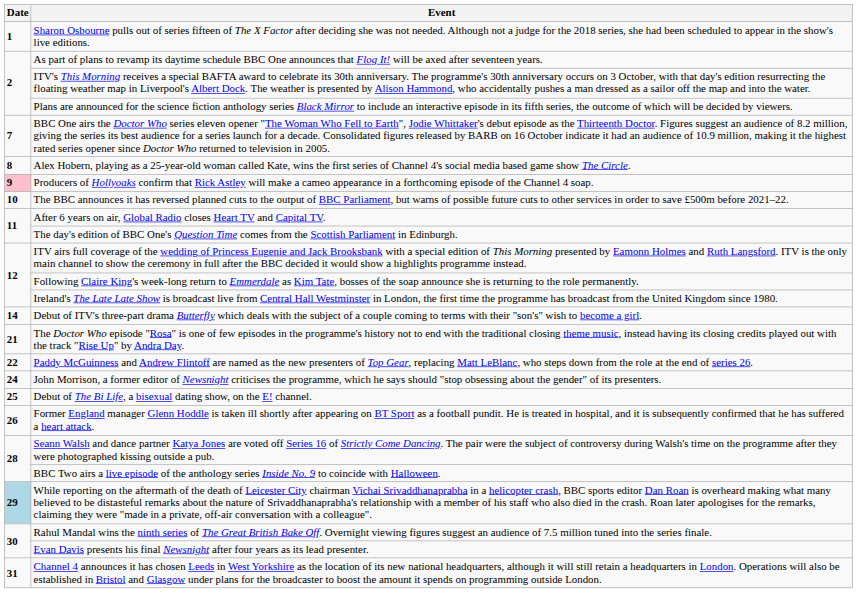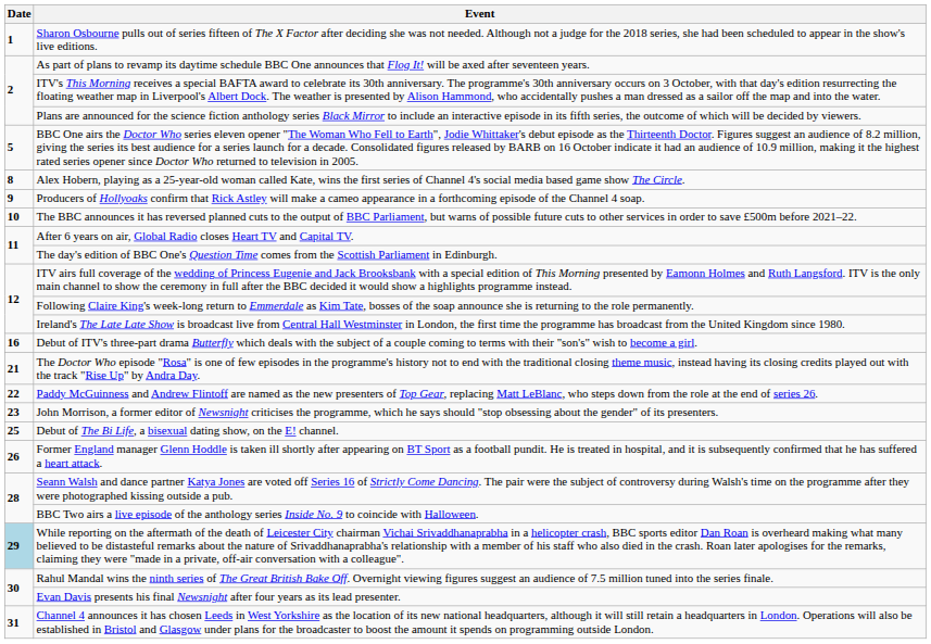 <table class="wikitable">
 <tr>
 <th>Date</th>
 <th>Event</th>
 </tr>
 <tr>
 <td><strong>1</strong></td>
 <td><a href='#'>Sharon Osbourne</a> pulls out of series fifteen of <em>The X Factor</em> after deciding she was not needed. Although not a judge for the 2018 series, she had been scheduled to appear in the show's live editions.</td>
 </tr>
 <tr>
 <td rowspan=3><strong>2</strong></td>
 <td>As part of plans to revamp its daytime schedule BBC One announces that <em><a href='#'>Flog It!</a></em> will be axed after seventeen years.</td>
 </tr>
 <tr>
 <td>ITV's <em><a href='#'>This Morning</a></em> receives a special BAFTA award to celebrate its 30th anniversary. The programme's 30th anniversary occurs on 3 October, with that day's edition resurrecting the floating weather map in Liverpool's <a href='#'>Albert Dock</a>. The weather is presented by <a href='#'>Alison Hammond</a>, who accidentally pushes a man dressed as a sailor off the map and into the water.</td>
 </tr>
 <tr>
 <td>Plans are announced for the science fiction anthology series <em><a href='#'>Black Mirror</a></em> to include an interactive episode in its fifth series, the outcome of which will be decided by viewers.</td>
 </tr>
 <tr>
-<td><strong>7</strong></td>
+<td><strong>5</strong></td>
 <td>BBC One airs the <em><a href='#'>Doctor Who</a></em> series eleven opener "<a href='#'>The Woman Who Fell to Earth</a>", <a href='#'>Jodie Whittaker</a>'s debut episode as the <a href='#'>Thirteenth Doctor</a>. Figures suggest an audience of 8.2 million, giving the series its best audience for a series launch for a decade. Consolidated figures released by BARB on 16 October indicate it had an audience of 10.9 million, making it the highest rated series opener since <em>Doctor Who</em> returned to television in 2005.</td>
 </tr>
 <tr>
 <td><strong>8</strong></td>
 <td>Alex Hobern, playing as a 25-year-old woman called Kate, wins the first series of Channel 4's social media based game show <em><a href='#'>The Circle</a></em>.</td>
 </tr>
 <tr>
-<td style="background: pink;"><strong>9</strong></td>
+<td><strong>9</strong></td>
 <td>Producers of <em><a href='#'>Hollyoaks</a></em> confirm that <a href='#'>Rick Astley</a> will make a cameo appearance in a forthcoming episode of the Channel 4 soap.</td>
 </tr>
 <tr>
 <td><strong>10</strong></td>
 <td>The BBC announces it has reversed planned cuts to the output of <a href='#'>BBC Parliament</a>, but warns of possible future cuts to other services in order to save £500m before 2021–22.</td>
 </tr>
 <tr>
 <td rowspan=2><strong>11</strong></td>
 <td>After 6 years on air, <a href='#'>Global Radio</a> closes <a href='#'>Heart TV</a> and <a href='#'>Capital TV</a>.</td>
 </tr>
 <tr>
 <td>The day's edition of BBC One's <em><a href='#'>Question Time</a></em> comes from the <a href='#'>Scottish Parliament</a> in Edinburgh.</td>
 </tr>
 <tr>
 <td rowspan=3><strong>12</strong></td>
 <td>ITV airs full coverage of the <a href='#'>wedding of Princess Eugenie and Jack Brooksbank</a> with a special edition of <em>This Morning</em> presented by <a href='#'>Eamonn Holmes</a> and <a href='#'>Ruth Langsford</a>. ITV is the only main channel to show the ceremony in full after the BBC decided it would show a highlights programme instead.</td>
 </tr>
 <tr>
 <td>Following <a href='#'>Claire King</a>'s week-long return to <em><a href='#'>Emmerdale</a></em> as <a href='#'>Kim Tate</a>, bosses of the soap announce she is returning to the role permanently.</td>
 </tr>
 <tr>
 <td>Ireland's <em><a href='#'>The Late Late Show</a></em> is broadcast live from <a href='#'>Central Hall Westminster</a> in London, the first time the programme has broadcast from the United Kingdom since 1980.</td>
 </tr>
 <tr>
-<td><strong>14</strong></td>
+<td><strong>16</strong></td>
 <td>Debut of ITV's three-part drama <em><a href='#'>Butterfly</a></em> which deals with the subject of a couple coming to terms with their "son's" wish to <a href='#'>become a girl</a>.</td>
 </tr>
 <tr>
 <td><strong>21</strong></td>
 <td>The <em>Doctor Who</em> episode "<a href='#'>Rosa</a>" is one of few episodes in the programme's history not to end with the traditional closing <a href='#'>theme music</a>, instead having its closing credits played out with the track "<a href='#'>Rise Up</a>" by <a href='#'>Andra Day</a>.</td>
 </tr>
 <tr>
 <td><strong>22</strong></td>
 <td><a href='#'>Paddy McGuinness</a> and <a href='#'>Andrew Flintoff</a> are named as the new presenters of <em><a href='#'>Top Gear</a></em>, replacing <a href='#'>Matt LeBlanc</a>, who steps down from the role at the end of <a href='#'>series 26</a>.</td>
 </tr>
 <tr>
-<td><strong>24</strong></td>
+<td><strong>23</strong></td>
 <td>John Morrison, a former editor of <em><a href='#'>Newsnight</a></em> criticises the programme, which he says should "stop obsessing about the gender" of its presenters.</td>
 </tr>
 <tr>
 <td><strong>25</strong></td>
 <td>Debut of <em><a href='#'>The Bi Life</a></em>, a <a href='#'>bisexual</a> dating show, on the <a href='#'>E!</a> channel.</td>
 </tr>
 <tr>
 <td><strong>26</strong></td>
 <td>Former <a href='#'>England</a> manager <a href='#'>Glenn Hoddle</a> is taken ill shortly after appearing on <a href='#'>BT Sport</a> as a football pundit. He is treated in hospital, and it is subsequently confirmed that he has suffered a <a href='#'>heart attack</a>.</td>
 </tr>
 <tr>
 <td rowspan=2><strong>28</strong></td>
 <td><a href='#'>Seann Walsh</a> and dance partner <a href='#'>Katya Jones</a> are voted off <a href='#'>Series 16</a> of <em><a href='#'>Strictly Come Dancing</a></em>. The pair were the subject of controversy during Walsh's time on the programme after they were photographed kissing outside a pub.</td>
 </tr>
 <tr>
 <td>BBC Two airs a <a href='#'>live episode</a> of the anthology series <em><a href='#'>Inside No. 9</a></em> to coincide with <a href='#'>Halloween</a>.</td>
 </tr>
 <tr>
 <td style="background: lightblue;"><strong>29</strong></td>
 <td>While reporting on the aftermath of the death of <a href='#'>Leicester City</a> chairman <a href='#'>Vichai Srivaddhanaprabha</a> in a <a href='#'>helicopter crash</a>, BBC sports editor <a href='#'>Dan Roan</a> is overheard making what many believed to be distasteful remarks about the nature of Srivaddhanaprabha's relationship with a member of his staff who also died in the crash. Roan later apologises for the remarks, claiming they were "made in a private, off-air conversation with a colleague".</td>
 </tr>
 <tr>
 <td rowspan=2><strong>30</strong></td>
 <td>Rahul Mandal wins the <a href='#'>ninth series</a> of <em><a href='#'>The Great British Bake Off</a></em>. Overnight viewing figures suggest an audience of 7.5 million tuned into the series finale.</td>
 </tr>
 <tr>
 <td><a href='#'>Evan Davis</a> presents his final <em><a href='#'>Newsnight</a></em> after four years as its lead presenter.</td>
 </tr>
 <tr>
 <td><strong>31</strong></td>
 <td><a href='#'>Channel 4</a> announces it has chosen <a href='#'>Leeds</a> in <a href='#'>West Yorkshire</a> as the location of its new national headquarters, although it will still retain a headquarters in <a href='#'>London</a>. Operations will also be established in <a href='#'>Bristol</a> and <a href='#'>Glasgow</a> under plans for the broadcaster to boost the amount it spends on programming outside London.</td>
 </tr>
 </table>
